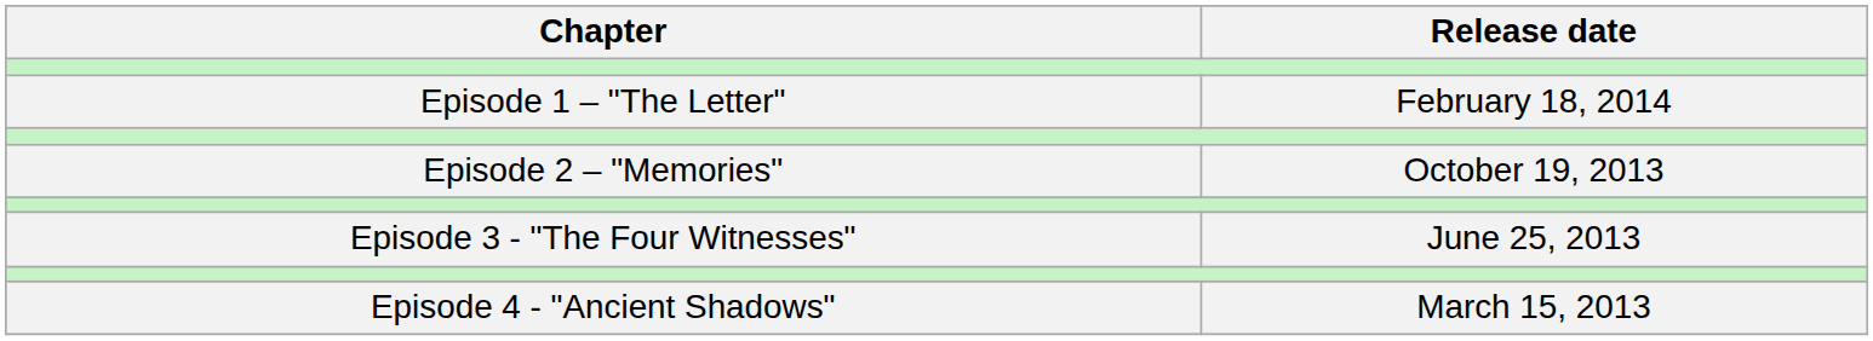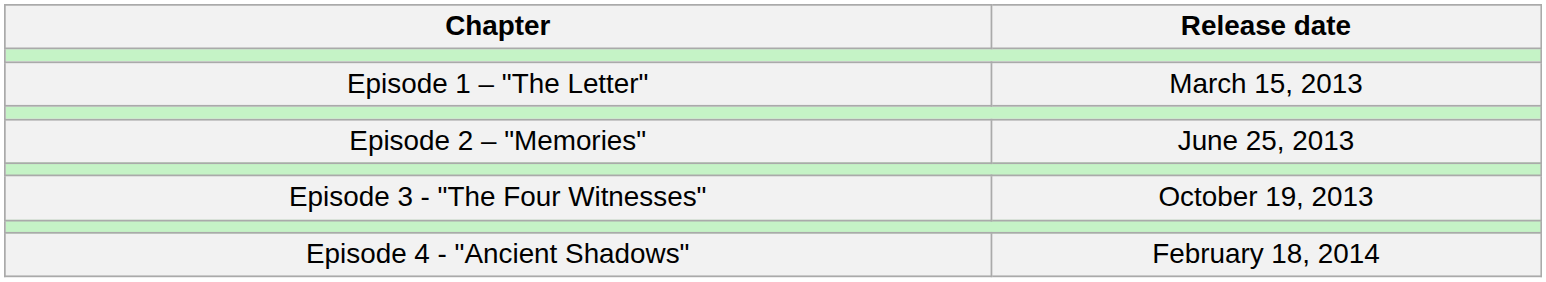 <table class="wikitable" style="width:100%;">
 <tr style="text-align: center;">
 <th>Chapter</th>
 <th>Release date</th>
 </tr>
 <tr>
 <td colspan="2" style="background:#c5f3c6;"></td>
 </tr>
 <tr style="background:#f2f2f2; text-align:center;">
 <td>Episode 1 – "The Letter"</td>
-<td>February 18, 2014</td>
+<td>March 15, 2013</td>
 </tr>
 <tr>
 <td colspan="2" style="background:#c5f3c6;"></td>
 </tr>
 <tr style="background:#f2f2f2; text-align:center;">
 <td>Episode 2 – "Memories"</td>
+<td>June 25, 2013</td>
+</tr>
+<tr>
+<td colspan="2" style="background:#c5f3c6;"></td>
+</tr>
+<tr style="background:#f2f2f2; text-align:center;">
+<td>Episode 3 - "The Four Witnesses"</td>
 <td>October 19, 2013</td>
 </tr>
 <tr>
 <td colspan="2" style="background:#c5f3c6;"></td>
 </tr>
 <tr style="background:#f2f2f2; text-align:center;">
-<td>Episode 3 - "The Four Witnesses"</td>
-<td>June 25, 2013</td>
-</tr>
-<tr>
-<td colspan="2" style="background:#c5f3c6;"></td>
-</tr>
-<tr style="background:#f2f2f2; text-align:center;">
 <td>Episode 4 - "Ancient Shadows"</td>
-<td>March 15, 2013</td>
+<td>February 18, 2014</td>
 </tr>
 </table>
